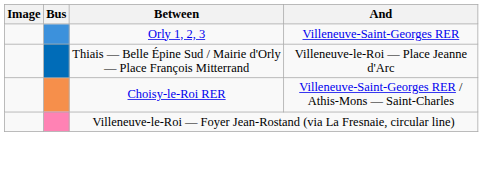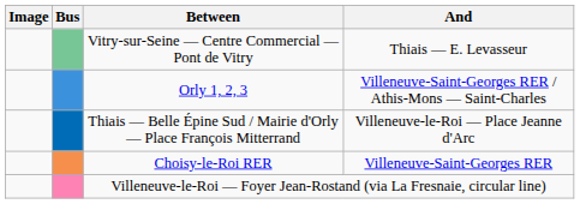 <table class="wikitable alternance centre" style="text-align:center;">
 <tr>
 <th>Image</th>
 <th>Bus</th>
 <th>Between</th>
 <th>And</th>
 </tr>
 <tr>
 <td></td>
+<td style="background:#77c695;"></td>
+<td>Vitry-sur-Seine — Centre Commercial — Pont de Vitry</td>
+<td>Thiais — E. Levasseur</td>
+</tr>
+<tr>
+<td></td>
 <td style="background:#3c91dc;"></td>
 <td><a href='#'>Orly 1, 2, 3</a></td>
-<td><a href='#'>Villeneuve-Saint-Georges RER</a></td>
+<td><a href='#'>Villeneuve-Saint-Georges RER</a> / Athis-Mons — Saint-Charles</td>
 </tr>
 <tr>
 <td></td>
 <td style="background:#006cb8;"></td>
 <td>Thiais — Belle Épine Sud / Mairie d'Orly — Place François Mitterrand</td>
 <td>Villeneuve-le-Roi — Place Jeanne d'Arc</td>
 </tr>
 <tr>
 <td></td>
 <td style="background:#f68f4b;"></td>
 <td><a href='#'>Choisy-le-Roi RER</a></td>
-<td><a href='#'>Villeneuve-Saint-Georges RER</a> / Athis-Mons — Saint-Charles</td>
+<td><a href='#'>Villeneuve-Saint-Georges RER</a></td>
 </tr>
 <tr>
 <td></td>
 <td style="background:#ff82b4;"></td>
 <td colspan="2">Villeneuve-le-Roi — Foyer Jean-Rostand (via La Fresnaie, circular line)</td>
 </tr>
 </table>
